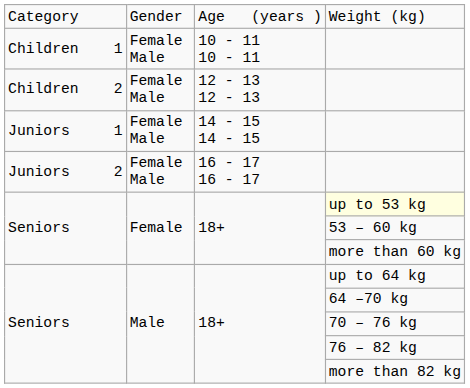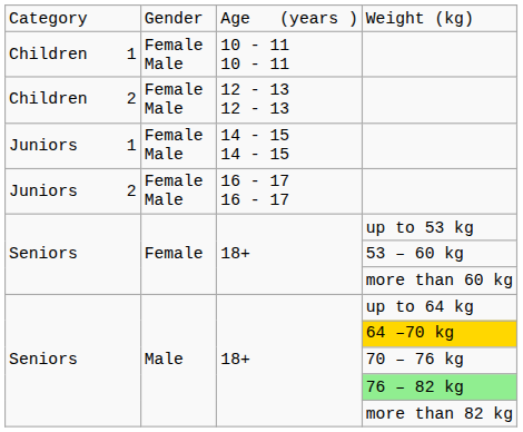 <table class="wikitable">
 <tr>
 <td>Category</td>
 <td>Gender</td>
 <td>Age   (years )</td>
 <td>Weight  (kg)</td>
 </tr>
 <tr>
 <td>Children    1</td>
 <td>Female<br>Male   </td>
 <td>10 - 11<br>10 - 11</td>
 <td></td>
 </tr>
 <tr>
 <td>Children    2</td>
 <td>Female<br>Male   </td>
 <td>12 - 13<br>12 - 13</td>
 <td></td>
 </tr>
 <tr>
 <td>Juniors     1</td>
 <td>Female<br>Male   </td>
 <td>14 - 15<br>14 - 15</td>
 <td></td>
 </tr>
 <tr>
 <td>Juniors     2</td>
 <td>Female<br>Male   </td>
 <td>16 - 17<br>16 - 17</td>
 <td></td>
 </tr>
 <tr>
 <td rowspan="3">Seniors</td>
 <td rowspan="3">Female</td>
 <td rowspan="3">18+</td>
-<td style="background: lightyellow;">up to 53 kg</td>
+<td>up to 53 kg</td>
 </tr>
 <tr>
 <td>53 – 60 kg</td>
 </tr>
 <tr>
 <td>more than 60 kg</td>
 </tr>
 <tr>
 <td rowspan="5">Seniors</td>
 <td rowspan="5">Male</td>
 <td rowspan="5">18+</td>
 <td>up to 64 kg</td>
 </tr>
 <tr>
-<td>64 –70 kg</td>
+<td style="background: gold;">64 –70 kg</td>
 </tr>
 <tr>
 <td>70 – 76 kg</td>
 </tr>
 <tr>
-<td>76 – 82 kg</td>
+<td style="background: lightgreen;">76 – 82 kg</td>
 </tr>
 <tr>
 <td>more than 82 kg</td>
 </tr>
 </table>
